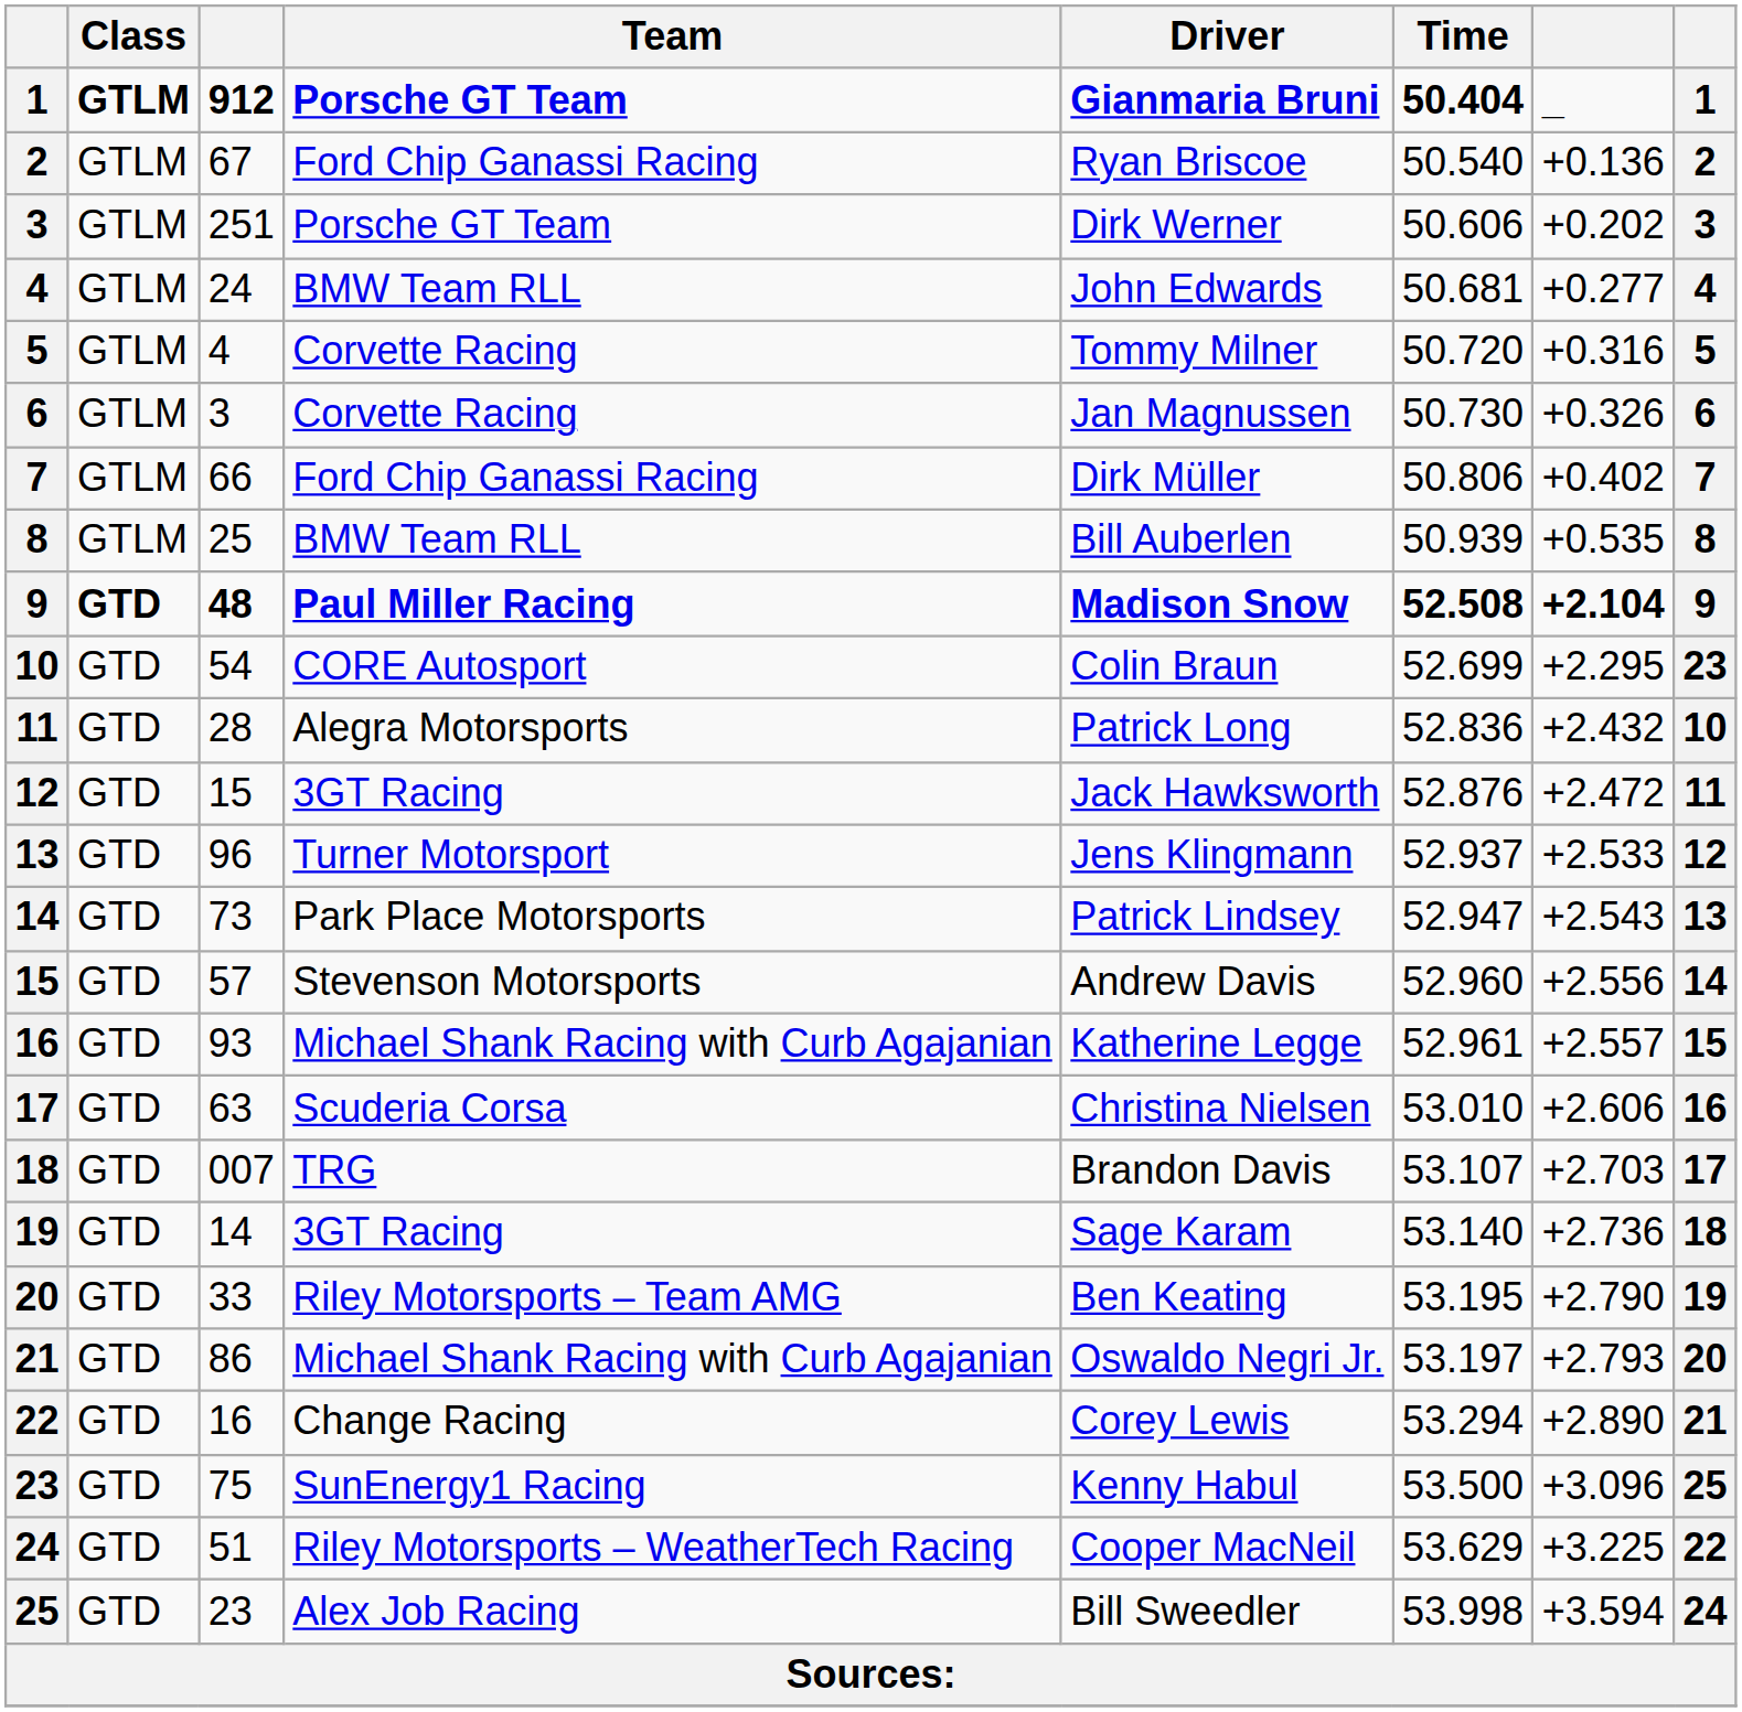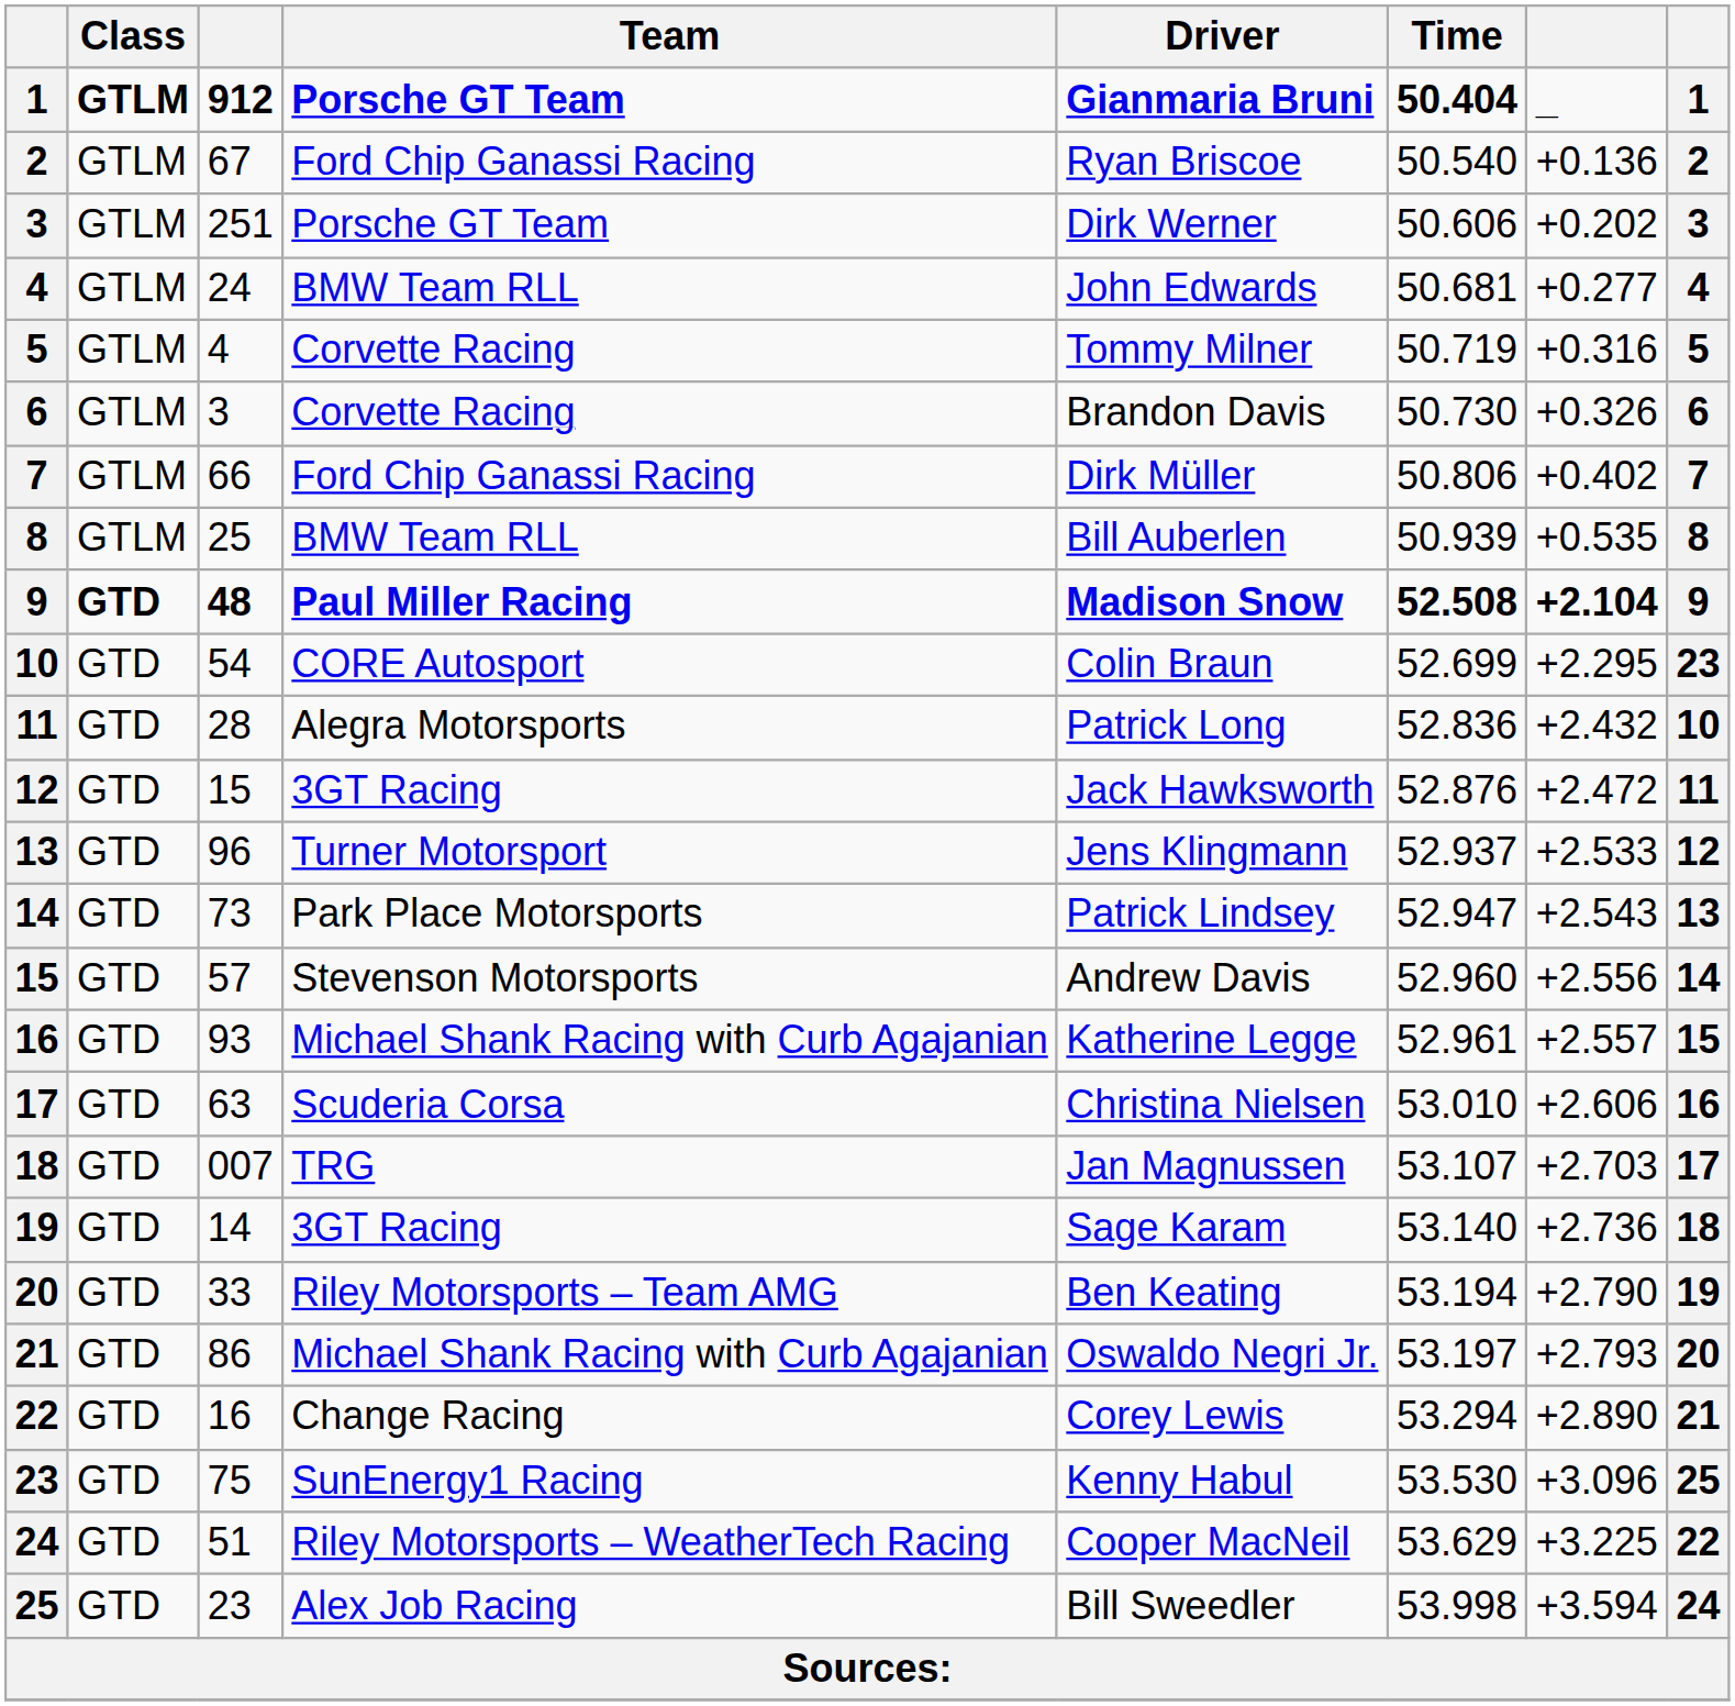 <table class="wikitable">
 <tr>
 <th scope="col"></th>
 <th scope="col">Class</th>
 <th scope="col"></th>
 <th scope="col">Team</th>
 <th scope="col">Driver</th>
 <th scope="col">Time</th>
 <th scope="col"></th>
 <th scope="col"></th>
 </tr>
 <tr style="font-weight:bold">
 <th>1</th>
 <td>GTLM</td>
 <td>912</td>
 <td> <a href='#'>Porsche GT Team</a></td>
 <td> <a href='#'>Gianmaria Bruni</a></td>
 <td>50.404</td>
 <td>_</td>
 <th>1</th>
 </tr>
 <tr>
 <th>2</th>
 <td>GTLM</td>
 <td>67</td>
 <td> <a href='#'>Ford Chip Ganassi Racing</a></td>
 <td> <a href='#'>Ryan Briscoe</a></td>
 <td>50.540</td>
 <td>+0.136</td>
 <th>2</th>
 </tr>
 <tr>
 <th>3</th>
 <td>GTLM</td>
 <td>251</td>
 <td> <a href='#'>Porsche GT Team</a></td>
 <td> <a href='#'>Dirk Werner</a></td>
 <td>50.606</td>
 <td>+0.202</td>
 <th>3</th>
 </tr>
 <tr>
 <th>4</th>
 <td>GTLM</td>
 <td>24</td>
 <td> <a href='#'>BMW Team RLL</a></td>
 <td> <a href='#'>John Edwards</a></td>
 <td>50.681</td>
 <td>+0.277</td>
 <th>4</th>
 </tr>
 <tr>
 <th>5</th>
 <td>GTLM</td>
 <td>4</td>
 <td> <a href='#'>Corvette Racing</a></td>
 <td> <a href='#'>Tommy Milner</a></td>
-<td>50.720</td>
+<td>50.719</td>
 <td>+0.316</td>
 <th>5</th>
 </tr>
 <tr>
 <th>6</th>
 <td>GTLM</td>
 <td>3</td>
 <td> <a href='#'>Corvette Racing</a></td>
-<td> <a href='#'>Jan Magnussen</a></td>
+<td> Brandon Davis</td>
 <td>50.730</td>
 <td>+0.326</td>
 <th>6</th>
 </tr>
 <tr>
 <th>7</th>
 <td>GTLM</td>
 <td>66</td>
 <td> <a href='#'>Ford Chip Ganassi Racing</a></td>
 <td> <a href='#'>Dirk Müller</a></td>
 <td>50.806</td>
 <td>+0.402</td>
 <th>7</th>
 </tr>
 <tr>
 <th>8</th>
 <td>GTLM</td>
 <td>25</td>
 <td> <a href='#'>BMW Team RLL</a></td>
 <td> <a href='#'>Bill Auberlen</a></td>
 <td>50.939</td>
 <td>+0.535</td>
 <th>8</th>
 </tr>
 <tr style="font-weight:bold">
 <th>9</th>
 <td>GTD</td>
 <td>48</td>
 <td> <a href='#'>Paul Miller Racing</a></td>
 <td> <a href='#'>Madison Snow</a></td>
 <td>52.508</td>
 <td>+2.104</td>
 <th>9</th>
 </tr>
 <tr>
 <th>10</th>
 <td>GTD</td>
 <td>54</td>
 <td> <a href='#'>CORE Autosport</a></td>
 <td> <a href='#'>Colin Braun</a></td>
 <td>52.699</td>
 <td>+2.295</td>
 <th>23</th>
 </tr>
 <tr>
 <th>11</th>
 <td>GTD</td>
 <td>28</td>
 <td> Alegra Motorsports</td>
 <td> <a href='#'>Patrick Long</a></td>
 <td>52.836</td>
 <td>+2.432</td>
 <th>10</th>
 </tr>
 <tr>
 <th>12</th>
 <td>GTD</td>
 <td>15</td>
 <td> <a href='#'>3GT Racing</a></td>
 <td> <a href='#'>Jack Hawksworth</a></td>
 <td>52.876</td>
 <td>+2.472</td>
 <th>11</th>
 </tr>
 <tr>
 <th>13</th>
 <td>GTD</td>
 <td>96</td>
 <td> <a href='#'>Turner Motorsport</a></td>
 <td> <a href='#'>Jens Klingmann</a></td>
 <td>52.937</td>
 <td>+2.533</td>
 <th>12</th>
 </tr>
 <tr>
 <th>14</th>
 <td>GTD</td>
 <td>73</td>
 <td> Park Place Motorsports</td>
 <td> <a href='#'>Patrick Lindsey</a></td>
 <td>52.947</td>
 <td>+2.543</td>
 <th>13</th>
 </tr>
 <tr>
 <th>15</th>
 <td>GTD</td>
 <td>57</td>
 <td> Stevenson Motorsports</td>
 <td> Andrew Davis</td>
 <td>52.960</td>
 <td>+2.556</td>
 <th>14</th>
 </tr>
 <tr>
 <th>16</th>
 <td>GTD</td>
 <td>93</td>
 <td> <a href='#'>Michael Shank Racing</a> with <a href='#'>Curb Agajanian</a></td>
 <td> <a href='#'>Katherine Legge</a></td>
 <td>52.961</td>
 <td>+2.557</td>
 <th>15</th>
 </tr>
 <tr>
 <th>17</th>
 <td>GTD</td>
 <td>63</td>
 <td> <a href='#'>Scuderia Corsa</a></td>
 <td> <a href='#'>Christina Nielsen</a></td>
 <td>53.010</td>
 <td>+2.606</td>
 <th>16</th>
 </tr>
 <tr>
 <th>18</th>
 <td>GTD</td>
 <td>007</td>
 <td> <a href='#'>TRG</a></td>
-<td> Brandon Davis</td>
+<td> <a href='#'>Jan Magnussen</a></td>
 <td>53.107</td>
 <td>+2.703</td>
 <th>17</th>
 </tr>
 <tr>
 <th>19</th>
 <td>GTD</td>
 <td>14</td>
 <td> <a href='#'>3GT Racing</a></td>
 <td> <a href='#'>Sage Karam</a></td>
 <td>53.140</td>
 <td>+2.736</td>
 <th>18</th>
 </tr>
 <tr>
 <th>20</th>
 <td>GTD</td>
 <td>33</td>
 <td> <a href='#'>Riley Motorsports – Team AMG</a></td>
 <td> <a href='#'>Ben Keating</a></td>
-<td>53.195</td>
+<td>53.194</td>
 <td>+2.790</td>
 <th>19</th>
 </tr>
 <tr>
 <th>21</th>
 <td>GTD</td>
 <td>86</td>
 <td> <a href='#'>Michael Shank Racing</a> with <a href='#'>Curb Agajanian</a></td>
 <td> <a href='#'>Oswaldo Negri Jr.</a></td>
 <td>53.197</td>
 <td>+2.793</td>
 <th>20</th>
 </tr>
 <tr>
 <th>22</th>
 <td>GTD</td>
 <td>16</td>
 <td> Change Racing</td>
 <td> <a href='#'>Corey Lewis</a></td>
 <td>53.294</td>
 <td>+2.890</td>
 <th>21</th>
 </tr>
 <tr>
 <th>23</th>
 <td>GTD</td>
 <td>75</td>
 <td> <a href='#'>SunEnergy1 Racing</a></td>
 <td> <a href='#'>Kenny Habul</a></td>
-<td>53.500</td>
+<td>53.530</td>
 <td>+3.096</td>
 <th>25</th>
 </tr>
 <tr>
 <th>24</th>
 <td>GTD</td>
 <td>51</td>
 <td> <a href='#'>Riley Motorsports – WeatherTech Racing</a></td>
 <td> <a href='#'>Cooper MacNeil</a></td>
 <td>53.629</td>
 <td>+3.225</td>
 <th>22</th>
 </tr>
 <tr>
 <th>25</th>
 <td>GTD</td>
 <td>23</td>
 <td> <a href='#'>Alex Job Racing</a></td>
 <td> Bill Sweedler</td>
 <td>53.998</td>
 <td>+3.594</td>
 <th>24</th>
 </tr>
 <tr>
 <th colspan="8">Sources:</th>
 </tr>
 <tr>
 </tr>
 </table>
